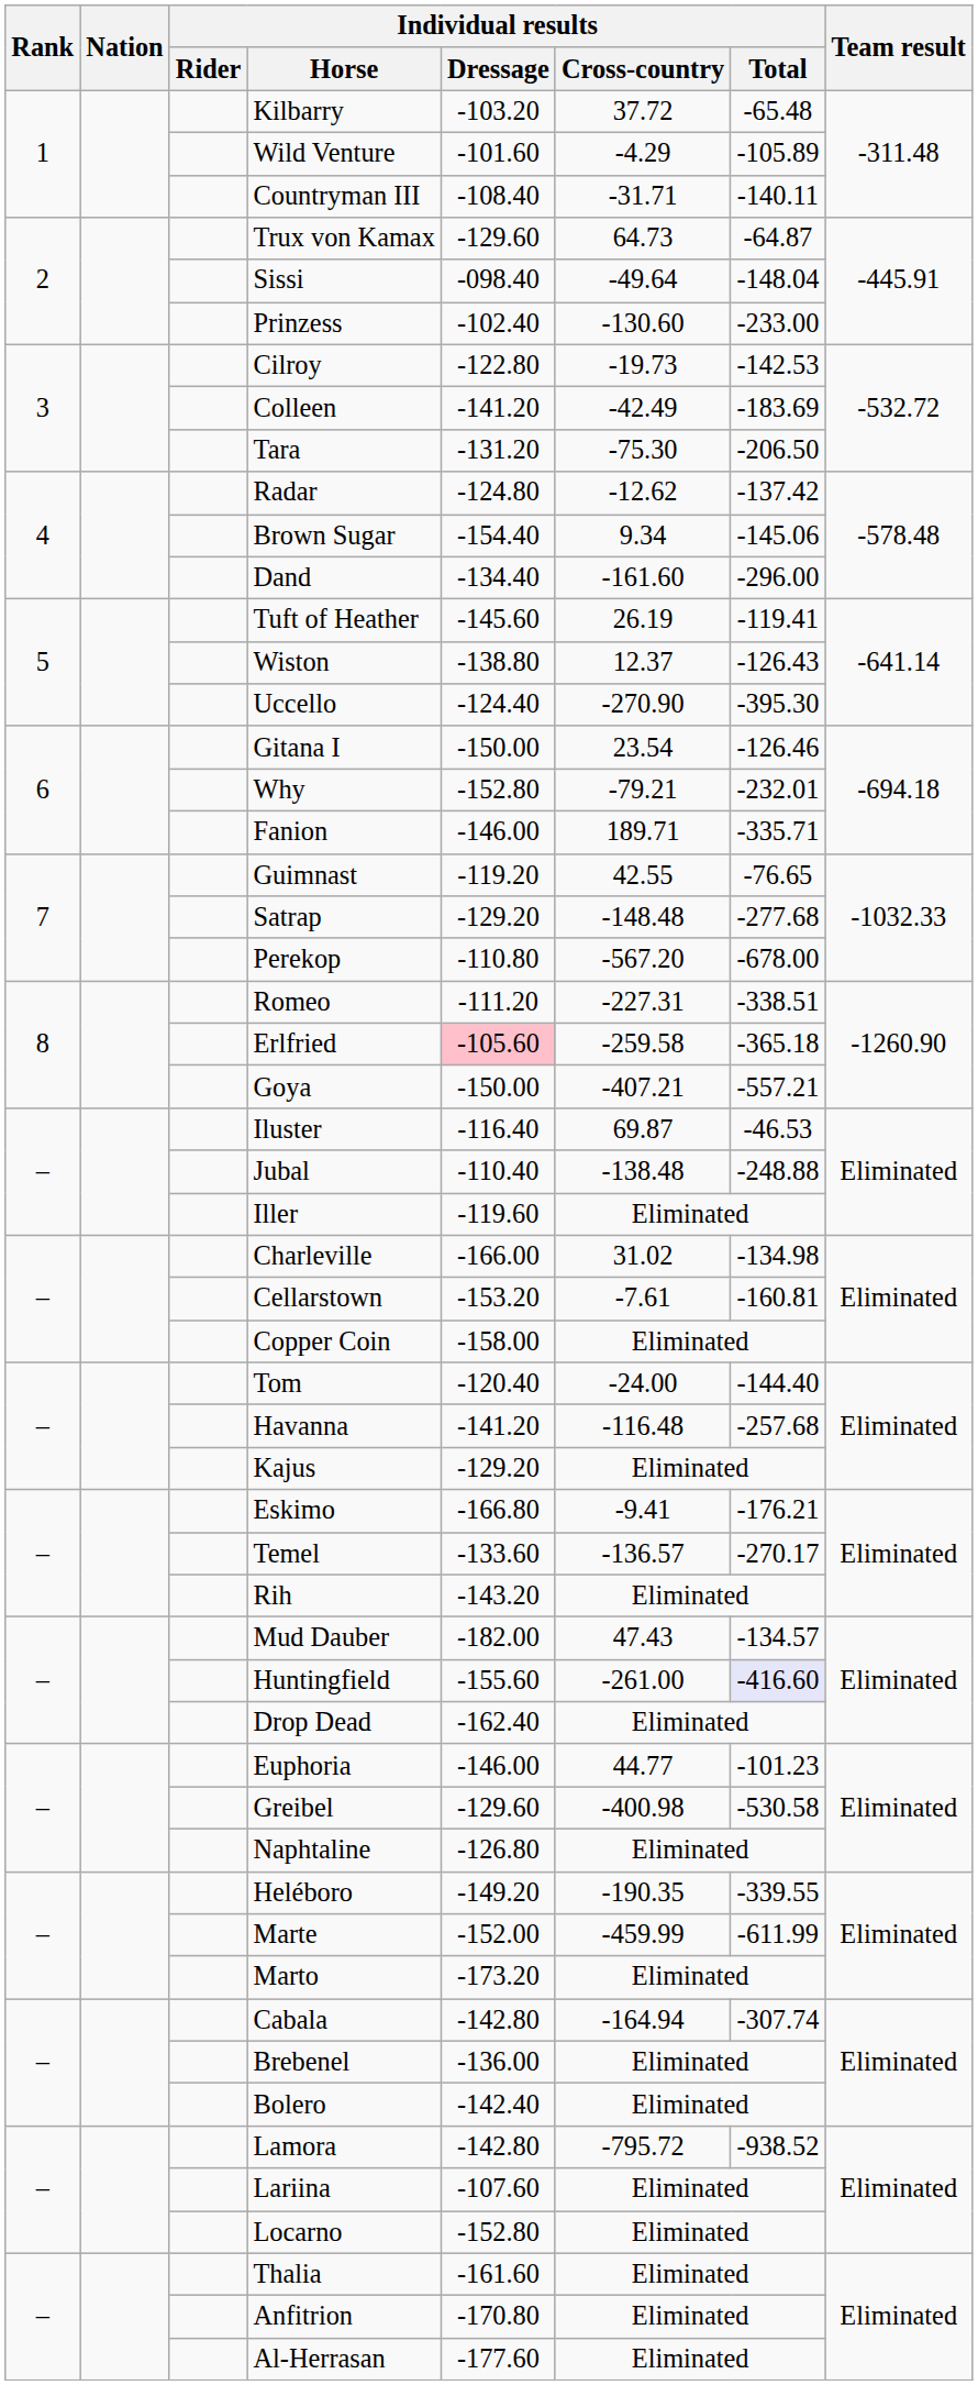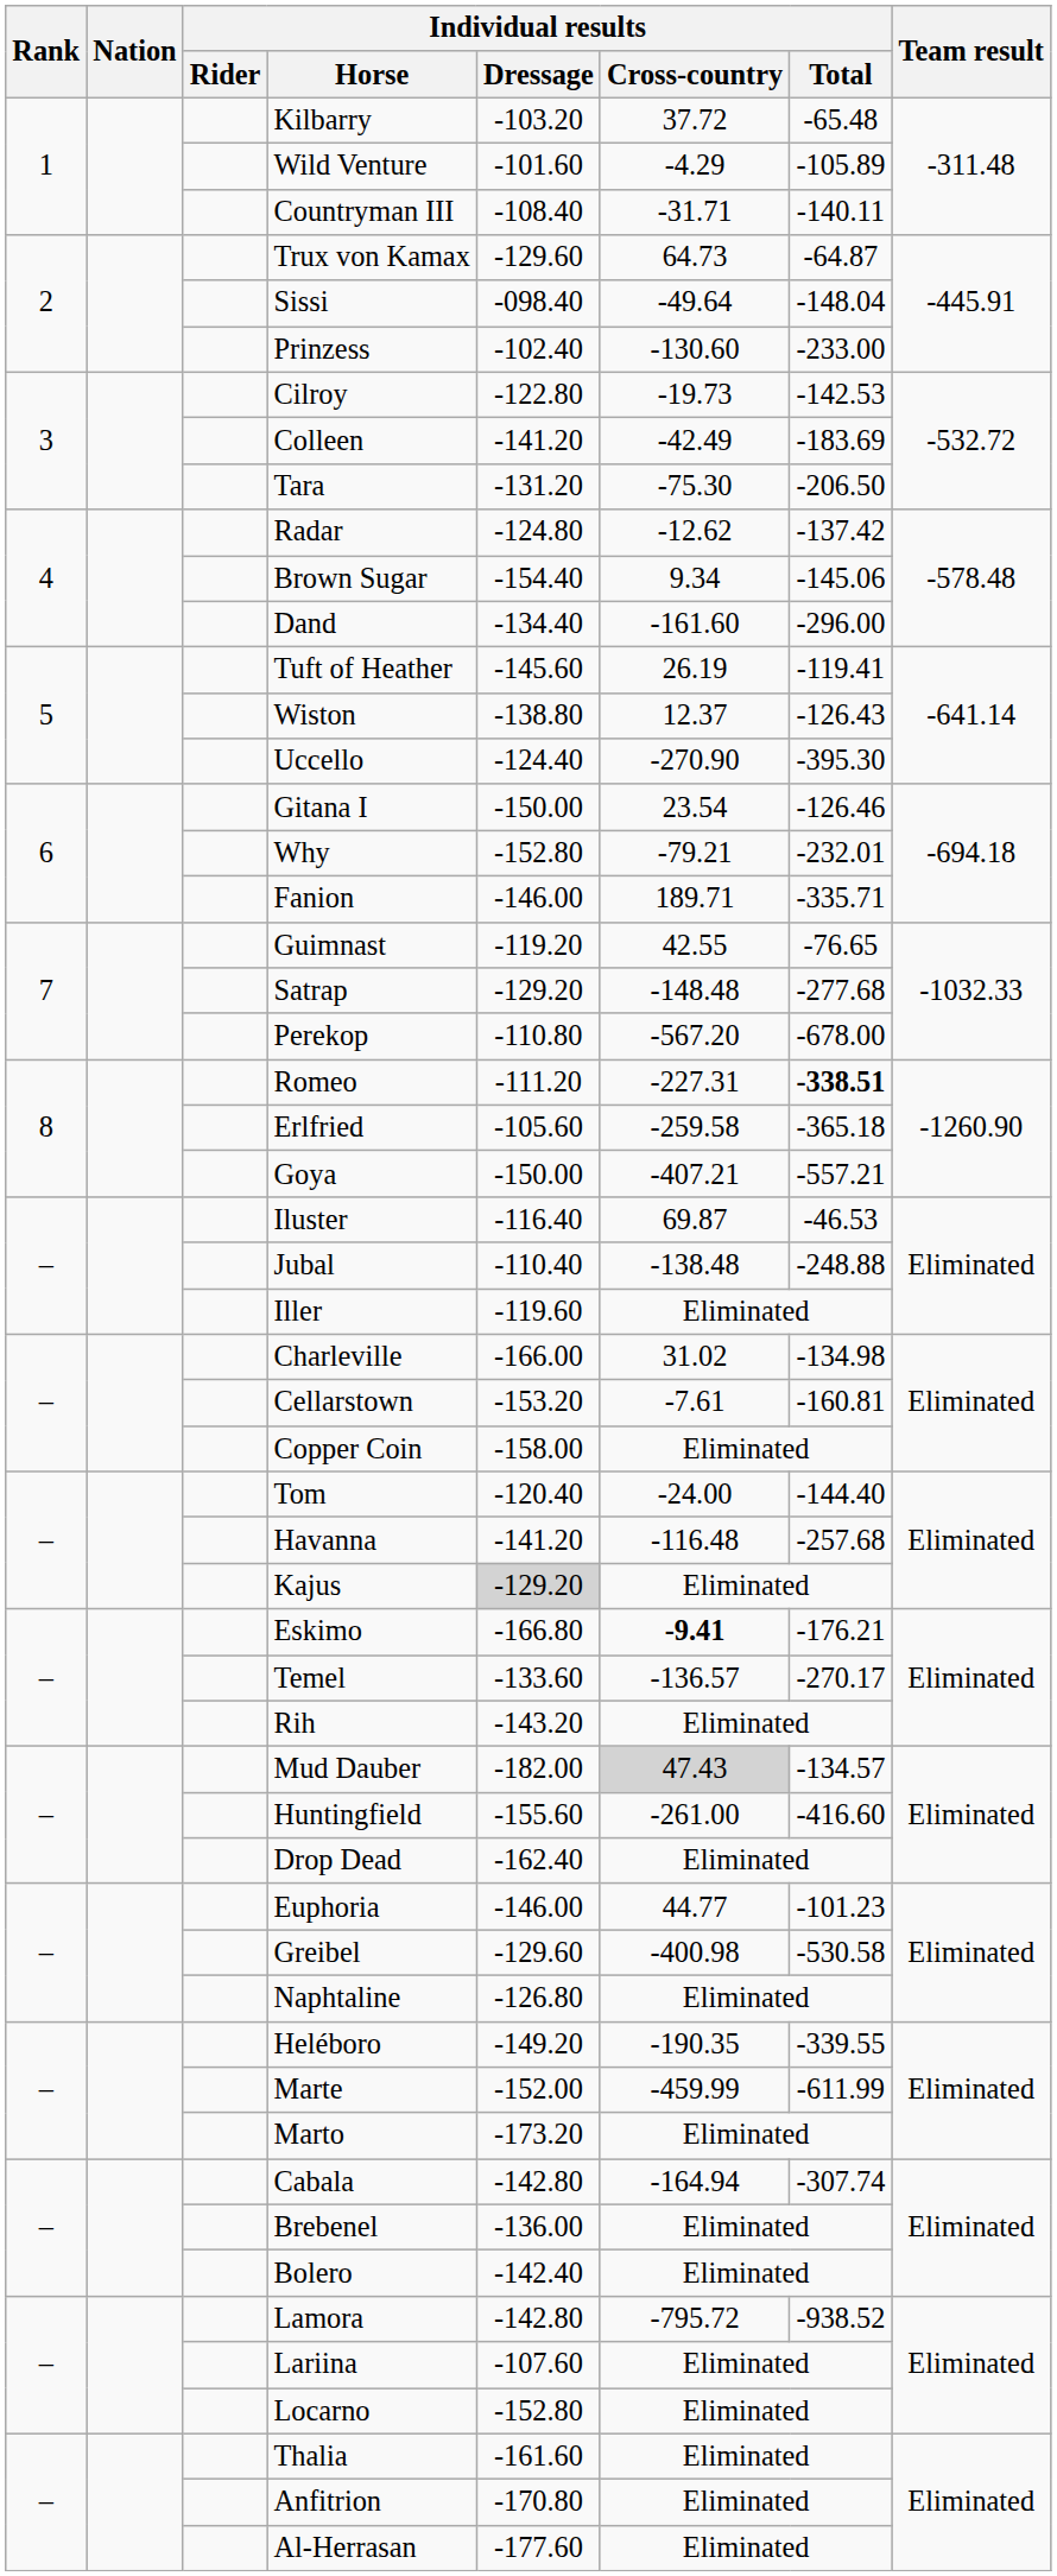 <table class="wikitable sortable" style="text-align:center">
 <tr>
 <th rowspan=2>Rank</th>
 <th rowspan=2>Nation</th>
 <th colspan=5>Individual results</th>
 <th rowspan=2>Team result</th>
 </tr>
 <tr>
 <th>Rider</th>
 <th>Horse</th>
 <th>Dressage</th>
 <th>Cross-country</th>
 <th>Total</th>
 </tr>
 <tr>
 <td rowspan=3>1</td>
 <td rowspan=3 align=left></td>
 <td align=left></td>
 <td align=left>Kilbarry</td>
 <td>-103.20</td>
 <td>37.72</td>
 <td>-65.48</td>
 <td rowspan=3>-311.48</td>
 </tr>
 <tr>
 <td align=left></td>
 <td align=left>Wild Venture</td>
 <td>-101.60</td>
 <td>-4.29</td>
 <td>-105.89</td>
 </tr>
 <tr>
 <td align=left></td>
 <td align=left>Countryman III</td>
 <td>-108.40</td>
 <td>-31.71</td>
 <td>-140.11</td>
 </tr>
 <tr>
 <td rowspan=3>2</td>
 <td rowspan=3 align=left></td>
 <td align=left></td>
 <td align=left>Trux von Kamax</td>
 <td>-129.60</td>
 <td>64.73</td>
 <td>-64.87</td>
 <td rowspan=3>-445.91</td>
 </tr>
 <tr>
 <td align=left></td>
 <td align=left>Sissi</td>
 <td>-098.40</td>
 <td>-49.64</td>
 <td>-148.04</td>
 </tr>
 <tr>
 <td align=left></td>
 <td align=left>Prinzess</td>
 <td>-102.40</td>
 <td>-130.60</td>
 <td>-233.00</td>
 </tr>
 <tr>
 <td rowspan=3>3</td>
 <td rowspan=3 align=left></td>
 <td align=left></td>
 <td align=left>Cilroy</td>
 <td>-122.80</td>
 <td>-19.73</td>
 <td>-142.53</td>
 <td rowspan=3>-532.72</td>
 </tr>
 <tr>
 <td align=left></td>
 <td align=left>Colleen</td>
 <td>-141.20</td>
 <td>-42.49</td>
 <td>-183.69</td>
 </tr>
 <tr>
 <td align=left></td>
 <td align=left>Tara</td>
 <td>-131.20</td>
 <td>-75.30</td>
 <td>-206.50</td>
 </tr>
 <tr>
 <td rowspan=3>4</td>
 <td rowspan=3 align=left></td>
 <td align=left></td>
 <td align=left>Radar</td>
 <td>-124.80</td>
 <td>-12.62</td>
 <td>-137.42</td>
 <td rowspan=3>-578.48</td>
 </tr>
 <tr>
 <td align=left></td>
 <td align=left>Brown Sugar</td>
 <td>-154.40</td>
 <td>9.34</td>
 <td>-145.06</td>
 </tr>
 <tr>
 <td align=left></td>
 <td align=left>Dand</td>
 <td>-134.40</td>
 <td>-161.60</td>
 <td>-296.00</td>
 </tr>
 <tr>
 <td rowspan=3>5</td>
 <td rowspan=3 align=left></td>
 <td align=left></td>
 <td align=left>Tuft of Heather</td>
 <td>-145.60</td>
 <td>26.19</td>
 <td>-119.41</td>
 <td rowspan=3>-641.14</td>
 </tr>
 <tr>
 <td align=left></td>
 <td align=left>Wiston</td>
 <td>-138.80</td>
 <td>12.37</td>
 <td>-126.43</td>
 </tr>
 <tr>
 <td align=left></td>
 <td align=left>Uccello</td>
 <td>-124.40</td>
 <td>-270.90</td>
 <td>-395.30</td>
 </tr>
 <tr>
 <td rowspan=3>6</td>
 <td rowspan=3 align=left></td>
 <td align=left></td>
 <td align=left>Gitana I</td>
 <td>-150.00</td>
 <td>23.54</td>
 <td>-126.46</td>
 <td rowspan=3>-694.18</td>
 </tr>
 <tr>
 <td align=left></td>
 <td align=left>Why</td>
 <td>-152.80</td>
 <td>-79.21</td>
 <td>-232.01</td>
 </tr>
 <tr>
 <td align=left></td>
 <td align=left>Fanion</td>
 <td>-146.00</td>
 <td>189.71</td>
 <td>-335.71</td>
 </tr>
 <tr>
 <td rowspan=3>7</td>
 <td rowspan=3 align=left></td>
 <td align=left></td>
 <td align=left>Guimnast</td>
 <td>-119.20</td>
 <td>42.55</td>
 <td>-76.65</td>
 <td rowspan=3>-1032.33</td>
 </tr>
 <tr>
 <td align=left></td>
 <td align=left>Satrap</td>
 <td>-129.20</td>
 <td>-148.48</td>
 <td>-277.68</td>
 </tr>
 <tr>
 <td align=left></td>
 <td align=left>Perekop</td>
 <td>-110.80</td>
 <td>-567.20</td>
 <td>-678.00</td>
 </tr>
 <tr>
 <td rowspan=3>8</td>
 <td rowspan=3 align=left></td>
 <td align=left></td>
 <td align=left>Romeo</td>
 <td>-111.20</td>
 <td>-227.31</td>
-<td>-338.51</td>
+<td><strong>-338.51</strong></td>
 <td rowspan=3>-1260.90</td>
 </tr>
 <tr>
 <td align=left></td>
 <td align=left>Erlfried</td>
-<td style="background: pink;">-105.60</td>
+<td>-105.60</td>
 <td>-259.58</td>
 <td>-365.18</td>
 </tr>
 <tr>
 <td align=left></td>
 <td align=left>Goya</td>
 <td>-150.00</td>
 <td>-407.21</td>
 <td>-557.21</td>
 </tr>
 <tr>
 <td rowspan=3>–</td>
 <td rowspan=3 align=left></td>
 <td align=left></td>
 <td align=left>Iluster</td>
 <td>-116.40</td>
 <td>69.87</td>
 <td>-46.53</td>
 <td rowspan=3>Eliminated</td>
 </tr>
 <tr>
 <td align=left></td>
 <td align=left>Jubal</td>
 <td>-110.40</td>
 <td>-138.48</td>
 <td>-248.88</td>
 </tr>
 <tr>
 <td align=left></td>
 <td align=left>Iller</td>
 <td>-119.60</td>
 <td colspan=2>Eliminated</td>
 </tr>
 <tr>
 <td rowspan=3>–</td>
 <td rowspan=3 align=left></td>
 <td align=left></td>
 <td align=left>Charleville</td>
 <td>-166.00</td>
 <td>31.02</td>
 <td>-134.98</td>
 <td rowspan=3>Eliminated</td>
 </tr>
 <tr>
 <td align=left></td>
 <td align=left>Cellarstown</td>
 <td>-153.20</td>
 <td>-7.61</td>
 <td>-160.81</td>
 </tr>
 <tr>
 <td align=left></td>
 <td align=left>Copper Coin</td>
 <td>-158.00</td>
 <td colspan=2>Eliminated</td>
 </tr>
 <tr>
 <td rowspan=3>–</td>
 <td rowspan=3 align=left></td>
 <td align=left></td>
 <td align=left>Tom</td>
 <td>-120.40</td>
 <td>-24.00</td>
 <td>-144.40</td>
 <td rowspan=3>Eliminated</td>
 </tr>
 <tr>
 <td align=left></td>
 <td align=left>Havanna</td>
 <td>-141.20</td>
 <td>-116.48</td>
 <td>-257.68</td>
 </tr>
 <tr>
 <td align=left></td>
 <td align=left>Kajus</td>
-<td>-129.20</td>
+<td style="background: lightgrey;">-129.20</td>
 <td colspan=2>Eliminated</td>
 </tr>
 <tr>
 <td rowspan=3>–</td>
 <td rowspan=3 align=left></td>
 <td align=left></td>
 <td align=left>Eskimo</td>
 <td>-166.80</td>
-<td>-9.41</td>
+<td><strong>-9.41</strong></td>
 <td>-176.21</td>
 <td rowspan=3>Eliminated</td>
 </tr>
 <tr>
 <td align=left></td>
 <td align=left>Temel</td>
 <td>-133.60</td>
 <td>-136.57</td>
 <td>-270.17</td>
 </tr>
 <tr>
 <td align=left></td>
 <td align=left>Rih</td>
 <td>-143.20</td>
 <td colspan=2>Eliminated</td>
 </tr>
 <tr>
 <td rowspan=3>–</td>
 <td rowspan=3 align=left></td>
 <td align=left></td>
 <td align=left>Mud Dauber</td>
 <td>-182.00</td>
-<td>47.43</td>
+<td style="background: lightgrey;">47.43</td>
 <td>-134.57</td>
 <td rowspan=3>Eliminated</td>
 </tr>
 <tr>
 <td align=left></td>
 <td align=left>Huntingfield</td>
 <td>-155.60</td>
 <td>-261.00</td>
-<td style="background: lavender;">-416.60</td>
+<td>-416.60</td>
 </tr>
 <tr>
 <td align=left></td>
 <td align=left>Drop Dead</td>
 <td>-162.40</td>
 <td colspan=2>Eliminated</td>
 </tr>
 <tr>
 <td rowspan=3>–</td>
 <td rowspan=3 align=left></td>
 <td align=left></td>
 <td align=left>Euphoria</td>
 <td>-146.00</td>
 <td>44.77</td>
 <td>-101.23</td>
 <td rowspan=3>Eliminated</td>
 </tr>
 <tr>
 <td align=left></td>
 <td align=left>Greibel</td>
 <td>-129.60</td>
 <td>-400.98</td>
 <td>-530.58</td>
 </tr>
 <tr>
 <td align=left></td>
 <td align=left>Naphtaline</td>
 <td>-126.80</td>
 <td colspan=2>Eliminated</td>
 </tr>
 <tr>
 <td rowspan=3>–</td>
 <td rowspan=3 align=left></td>
 <td align=left></td>
 <td align=left>Heléboro</td>
 <td>-149.20</td>
 <td>-190.35</td>
 <td>-339.55</td>
 <td rowspan=3>Eliminated</td>
 </tr>
 <tr>
 <td align=left></td>
 <td align=left>Marte</td>
 <td>-152.00</td>
 <td>-459.99</td>
 <td>-611.99</td>
 </tr>
 <tr>
 <td align=left></td>
 <td align=left>Marto</td>
 <td>-173.20</td>
 <td colspan=2>Eliminated</td>
 </tr>
 <tr>
 <td rowspan=3>–</td>
 <td rowspan=3 align=left></td>
 <td align=left></td>
 <td align=left>Cabala</td>
 <td>-142.80</td>
 <td>-164.94</td>
 <td>-307.74</td>
 <td rowspan=3>Eliminated</td>
 </tr>
 <tr>
 <td align=left></td>
 <td align=left>Brebenel</td>
 <td>-136.00</td>
 <td colspan=2>Eliminated</td>
 </tr>
 <tr>
 <td align=left></td>
 <td align=left>Bolero</td>
 <td>-142.40</td>
 <td colspan=2>Eliminated</td>
 </tr>
 <tr>
 <td rowspan=3>–</td>
 <td rowspan=3 align=left></td>
 <td align=left></td>
 <td align=left>Lamora</td>
 <td>-142.80</td>
 <td>-795.72</td>
 <td>-938.52</td>
 <td rowspan=3>Eliminated</td>
 </tr>
 <tr>
 <td align=left></td>
 <td align=left>Lariina</td>
 <td>-107.60</td>
 <td colspan=2>Eliminated</td>
 </tr>
 <tr>
 <td align=left></td>
 <td align=left>Locarno</td>
 <td>-152.80</td>
 <td colspan=2>Eliminated</td>
 </tr>
 <tr>
 <td rowspan=3>–</td>
 <td rowspan=3 align=left></td>
 <td align=left></td>
 <td align=left>Thalia</td>
 <td>-161.60</td>
 <td colspan=2>Eliminated</td>
 <td rowspan=3>Eliminated</td>
 </tr>
 <tr>
 <td align=left></td>
 <td align=left>Anfitrion</td>
 <td>-170.80</td>
 <td colspan=2>Eliminated</td>
 </tr>
 <tr>
 <td align=left></td>
 <td align=left>Al-Herrasan</td>
 <td>-177.60</td>
 <td colspan=2>Eliminated</td>
 </tr>
 </table>
